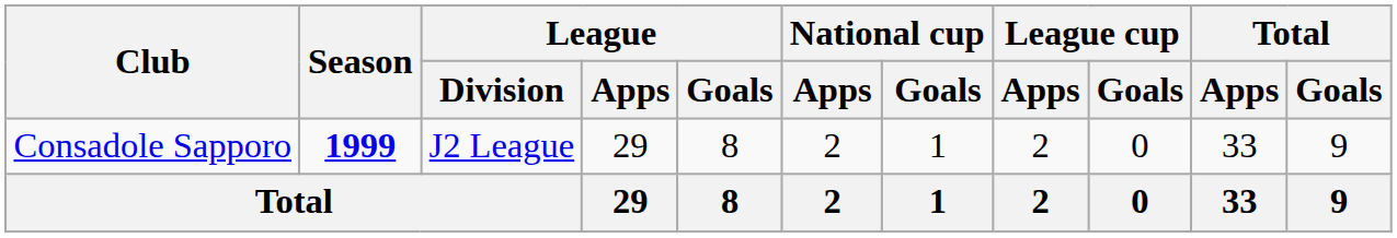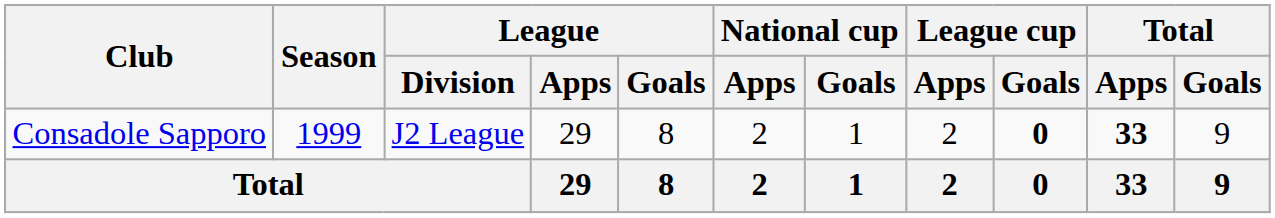 <table class="wikitable" style="text-align:center">
 <tr>
 <th rowspan="2">Club</th>
 <th rowspan="2">Season</th>
 <th colspan="3">League</th>
 <th colspan="2">National cup</th>
 <th colspan="2">League cup</th>
 <th colspan="2">Total</th>
 </tr>
 <tr>
 <th>Division</th>
 <th>Apps</th>
 <th>Goals</th>
 <th>Apps</th>
 <th>Goals</th>
 <th>Apps</th>
 <th>Goals</th>
 <th>Apps</th>
 <th>Goals</th>
 </tr>
 <tr>
 <td><a href='#'>Consadole Sapporo</a></td>
-<td><strong><a href='#'>1999</a></strong></td>
+<td><a href='#'>1999</a></td>
 <td><a href='#'>J2 League</a></td>
 <td>29</td>
 <td>8</td>
 <td>2</td>
 <td>1</td>
 <td>2</td>
-<td>0</td>
-<td>33</td>
+<td><strong>0</strong></td>
+<td><strong>33</strong></td>
 <td>9</td>
 </tr>
 <tr>
 <th colspan="3">Total</th>
 <th>29</th>
 <th>8</th>
 <th>2</th>
 <th>1</th>
 <th>2</th>
 <th>0</th>
 <th>33</th>
 <th>9</th>
 </tr>
 </table>
